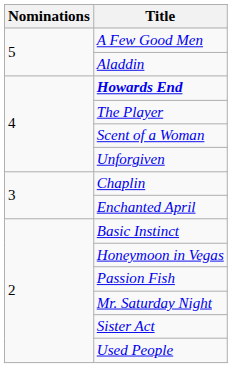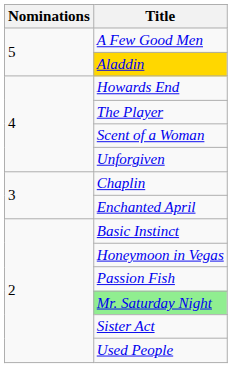 <table class="wikitable">
 <tr>
 <th>Nominations</th>
 <th>Title</th>
 </tr>
 <tr>
 <td rowspan="2">5</td>
 <td><em><a href='#'>A Few Good Men</a></em></td>
 </tr>
 <tr>
-<td><em><a href='#'>Aladdin</a></em></td>
+<td style="background: gold;"><em><a href='#'>Aladdin</a></em></td>
 </tr>
 <tr>
 <td rowspan="4">4</td>
-<td><strong><em><a href='#'>Howards End</a></em></strong></td>
+<td><em><a href='#'>Howards End</a></em></td>
 </tr>
 <tr>
 <td><em><a href='#'>The Player</a></em></td>
 </tr>
 <tr>
 <td><em><a href='#'>Scent of a Woman</a></em></td>
 </tr>
 <tr>
 <td><em><a href='#'>Unforgiven</a></em></td>
 </tr>
 <tr>
 <td rowspan="2">3</td>
 <td><em><a href='#'>Chaplin</a></em></td>
 </tr>
 <tr>
 <td><em><a href='#'>Enchanted April</a></em></td>
 </tr>
 <tr>
 <td rowspan="6">2</td>
 <td><em><a href='#'>Basic Instinct</a></em></td>
 </tr>
 <tr>
 <td><em><a href='#'>Honeymoon in Vegas</a></em></td>
 </tr>
 <tr>
 <td><em><a href='#'>Passion Fish</a></em></td>
 </tr>
 <tr>
-<td><em><a href='#'>Mr. Saturday Night</a></em></td>
+<td style="background: lightgreen;"><em><a href='#'>Mr. Saturday Night</a></em></td>
 </tr>
 <tr>
 <td><em><a href='#'>Sister Act</a></em></td>
 </tr>
 <tr>
 <td><em><a href='#'>Used People</a></em></td>
 </tr>
 </table>
